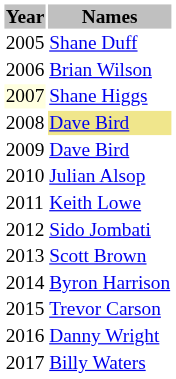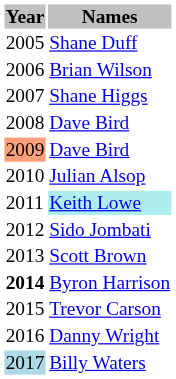 <table class="toccolours">
 <tr>
 <th bgcolor=silver>Year</th>
 <th bgcolor=silver>Names</th>
 </tr>
 <tr>
 <td>2005</td>
 <td> <a href='#'>Shane Duff</a></td>
 </tr>
 <tr>
 <td>2006</td>
 <td> <a href='#'>Brian Wilson</a></td>
 </tr>
 <tr>
-<td style="background: lightyellow;">2007</td>
+<td>2007</td>
 <td> <a href='#'>Shane Higgs</a></td>
 </tr>
 <tr>
 <td>2008</td>
-<td style="background: khaki;"> <a href='#'>Dave Bird</a></td>
+<td> <a href='#'>Dave Bird</a></td>
 </tr>
 <tr>
-<td>2009</td>
+<td style="background: lightsalmon;">2009</td>
 <td> <a href='#'>Dave Bird</a></td>
 </tr>
 <tr>
 <td>2010</td>
 <td> <a href='#'>Julian Alsop</a></td>
 </tr>
 <tr>
 <td>2011</td>
-<td> <a href='#'>Keith Lowe</a></td>
+<td style="background: paleturquoise;"> <a href='#'>Keith Lowe</a></td>
 </tr>
 <tr>
 <td>2012</td>
 <td> <a href='#'>Sido Jombati</a></td>
 </tr>
 <tr>
 <td>2013</td>
 <td> <a href='#'>Scott Brown</a></td>
 </tr>
 <tr>
-<td>2014</td>
+<td><strong>2014</strong></td>
 <td> <a href='#'>Byron Harrison</a></td>
 </tr>
 <tr>
 <td>2015</td>
 <td> <a href='#'>Trevor Carson</a></td>
 </tr>
 <tr>
 <td>2016</td>
 <td> <a href='#'>Danny Wright</a></td>
 </tr>
 <tr>
-<td>2017</td>
+<td style="background: lightblue;">2017</td>
 <td> <a href='#'>Billy Waters</a></td>
 </tr>
 <tr>
 </tr>
 </table>
